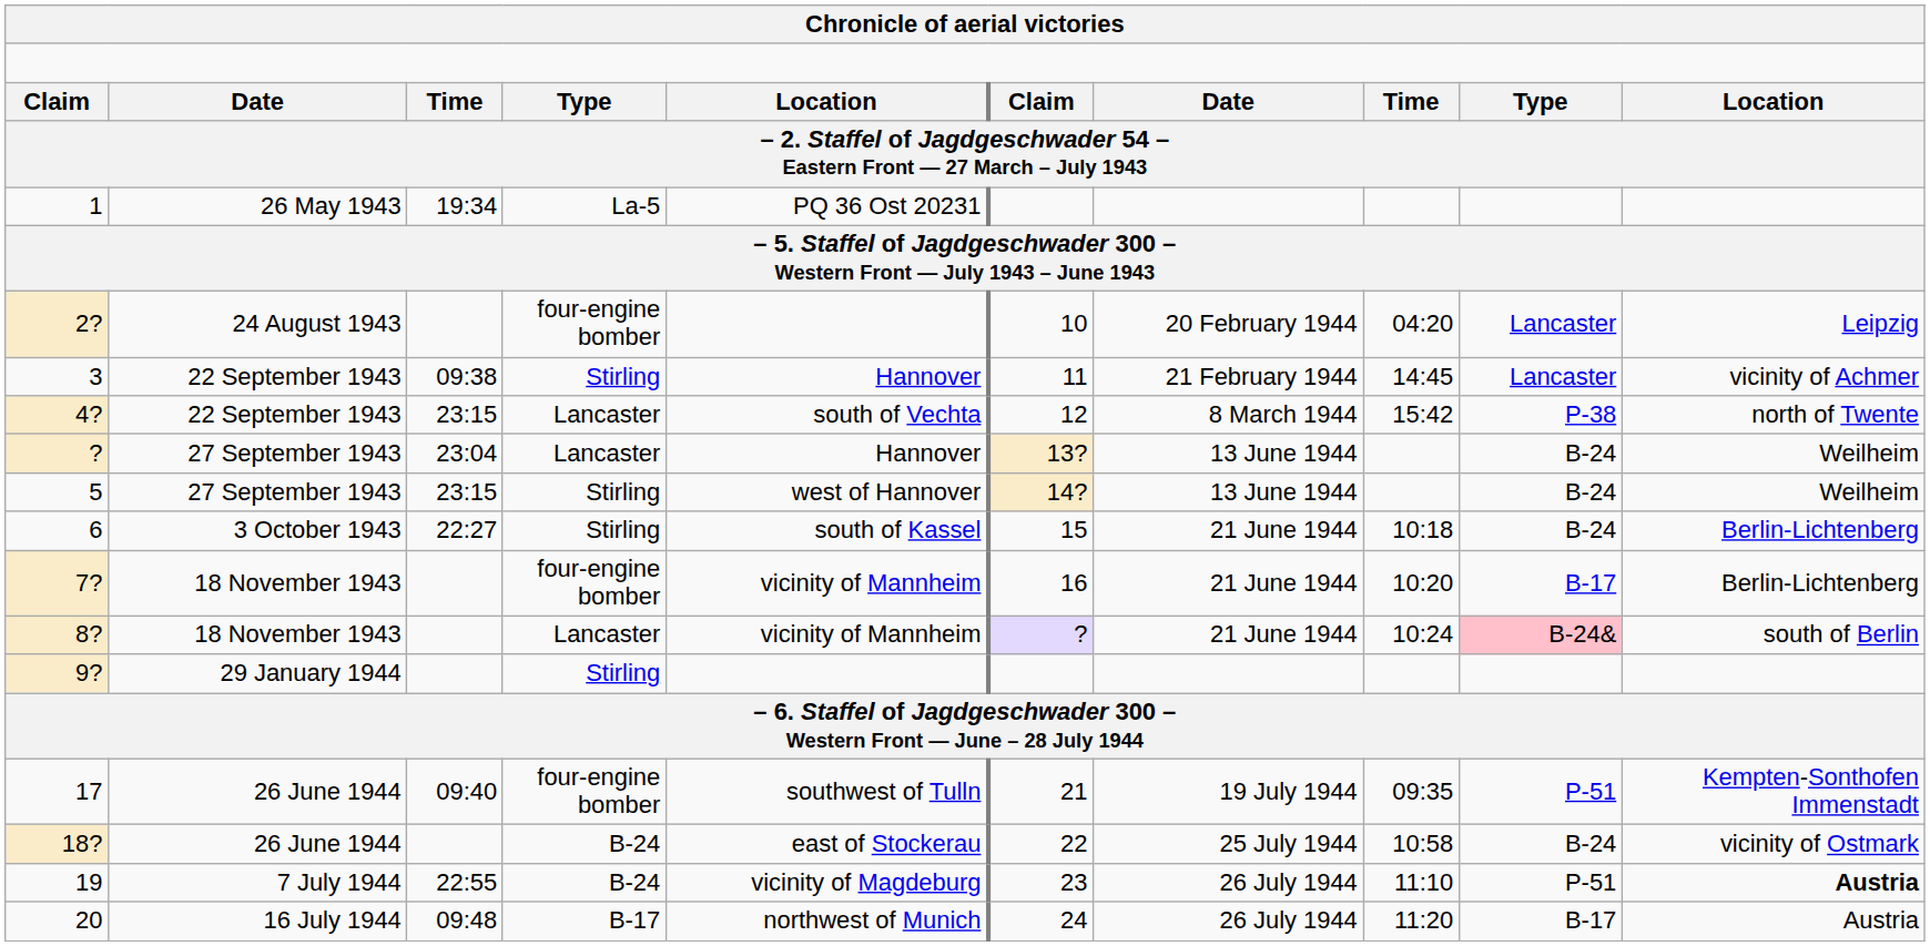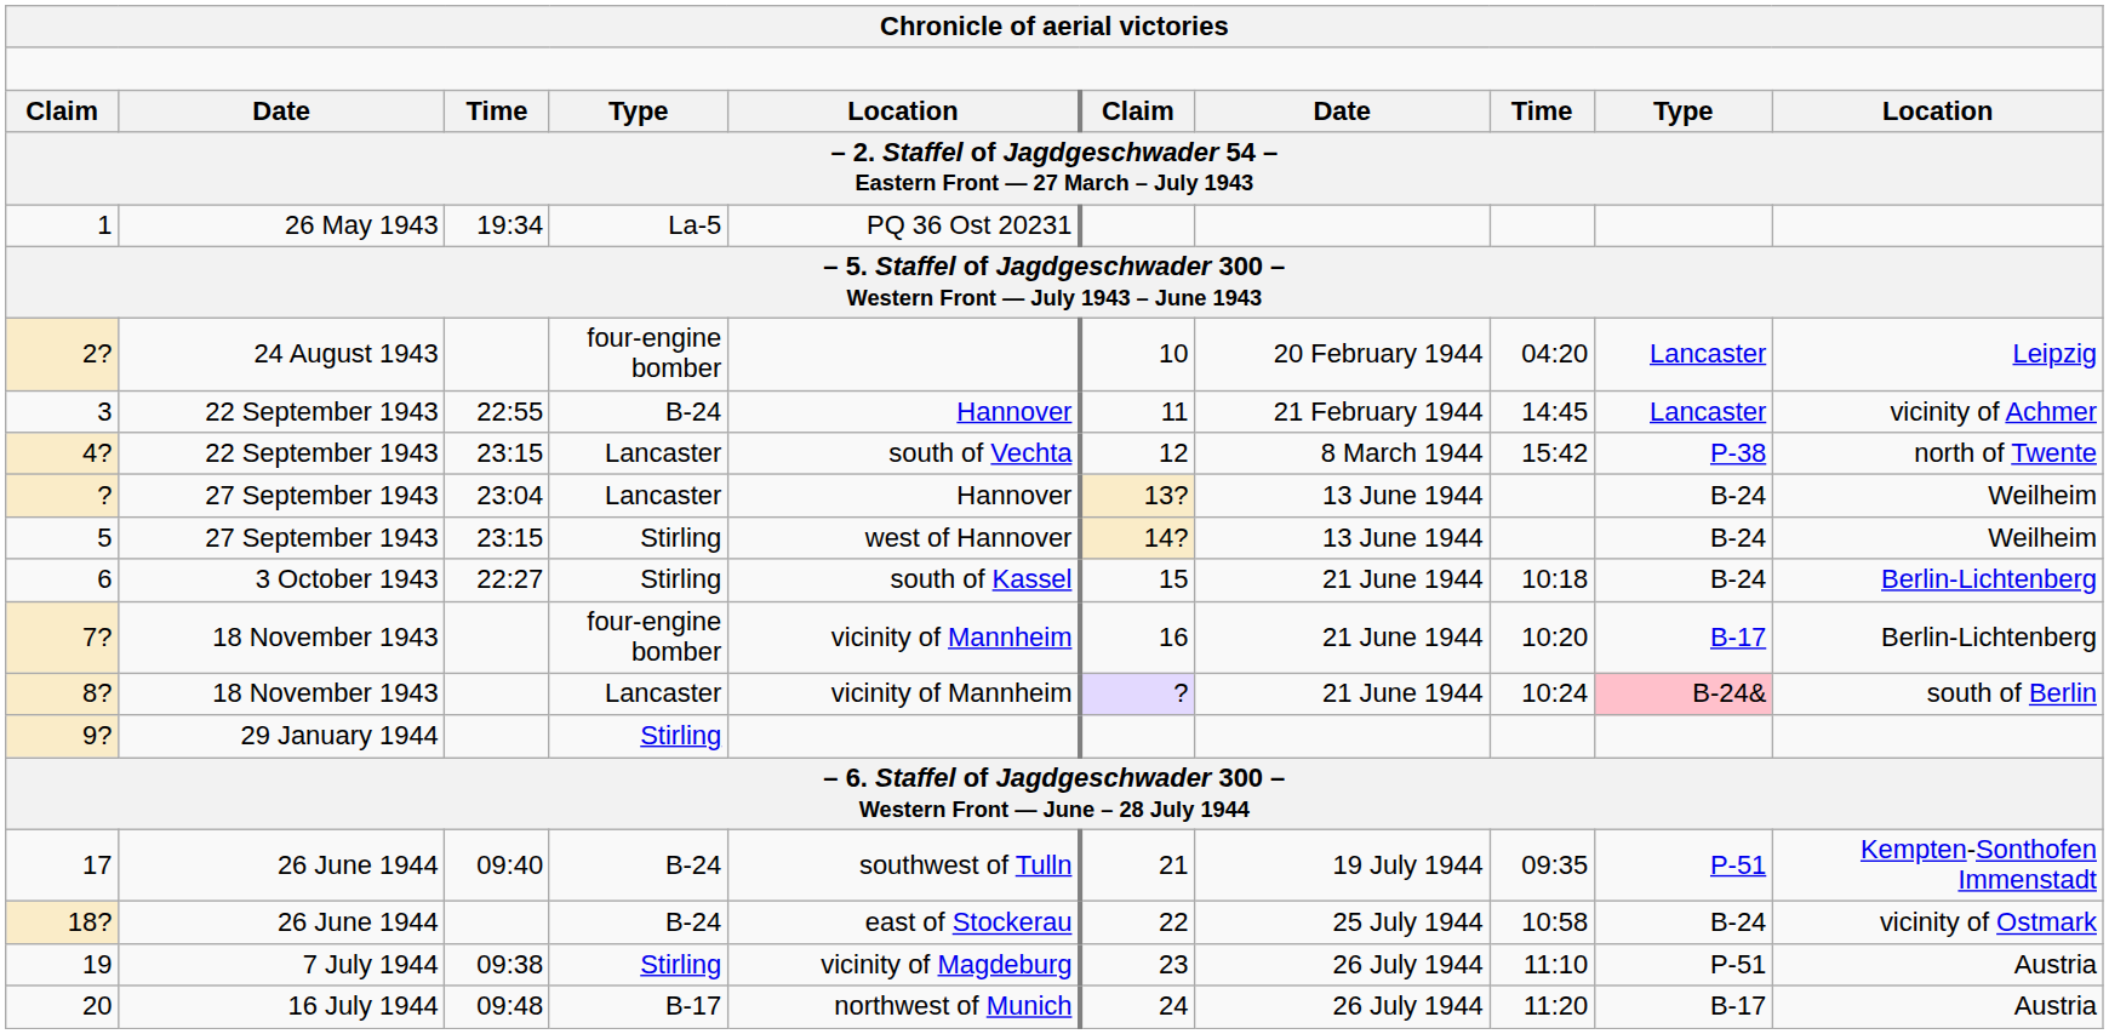 <table class="wikitable plainrowheaders collapsible" style="margin-left: auto; margin-right: auto; border: none; text-align:right; width: 100%;">
 <tr>
 <th colspan="10">Chronicle of aerial victories</th>
 </tr>
 <tr>
 <td colspan="10" style="text-align: left;"><br>  </td>
 </tr>
 <tr>
 <th scope="col">Claim</th>
 <th scope="col">Date</th>
 <th scope="col">Time</th>
 <th scope="col" width="100px">Type</th>
 <th scope="col">Location</th>
 <th scope="col" style="border-left: 3px solid grey;">Claim</th>
 <th scope="col">Date</th>
 <th scope="col">Time</th>
 <th scope="col" width="100px">Type</th>
 <th scope="col">Location</th>
 </tr>
 <tr>
 <th colspan="10">– 2. <em>Staffel</em> of <em>Jagdgeschwader</em> 54 –<br><small>Eastern Front — 27 March – July 1943</small></th>
 </tr>
 <tr>
 <td>1</td>
 <td>26 May 1943</td>
 <td>19:34</td>
 <td>La-5</td>
 <td>PQ 36 Ost 20231</td>
 <td style="border-left: 3px solid grey;"></td>
 <td></td>
 <td></td>
 <td></td>
 <td></td>
 </tr>
 <tr>
 <th colspan="10">– 5. <em>Staffel</em> of <em>Jagdgeschwader</em> 300 –<br><small>Western Front — July 1943 – June 1943</small></th>
 </tr>
 <tr>
 <td style="background:#faecc8">2?</td>
 <td>24 August 1943</td>
 <td></td>
 <td>four-engine bomber</td>
 <td></td>
 <td style="border-left: 3px solid grey;">10</td>
 <td>20 February 1944</td>
 <td>04:20</td>
 <td><a href='#'>Lancaster</a></td>
 <td><a href='#'>Leipzig</a></td>
 </tr>
 <tr>
 <td>3</td>
 <td>22 September 1943</td>
-<td>09:38</td>
-<td><a href='#'>Stirling</a></td>
+<td>22:55</td>
+<td>B-24</td>
 <td><a href='#'>Hannover</a></td>
 <td style="border-left: 3px solid grey;">11</td>
 <td>21 February 1944</td>
 <td>14:45</td>
 <td><a href='#'>Lancaster</a></td>
 <td>vicinity of <a href='#'>Achmer</a></td>
 </tr>
 <tr>
 <td style="background:#faecc8">4?</td>
 <td>22 September 1943</td>
 <td>23:15</td>
 <td>Lancaster</td>
 <td>south of <a href='#'>Vechta</a></td>
 <td style="border-left: 3px solid grey;">12</td>
 <td>8 March 1944</td>
 <td>15:42</td>
 <td><a href='#'>P-38</a></td>
 <td>north of <a href='#'>Twente</a></td>
 </tr>
 <tr>
 <td style="background:#faecc8">?</td>
 <td>27 September 1943</td>
 <td>23:04</td>
 <td>Lancaster</td>
 <td>Hannover</td>
 <td style="border-left: 3px solid grey; background:#faecc8">13?</td>
 <td>13 June 1944</td>
 <td></td>
 <td>B-24</td>
 <td>Weilheim</td>
 </tr>
 <tr>
 <td>5</td>
 <td>27 September 1943</td>
 <td>23:15</td>
 <td>Stirling</td>
 <td>west of Hannover</td>
 <td style="border-left: 3px solid grey; background:#faecc8">14?</td>
 <td>13 June 1944</td>
 <td></td>
 <td>B-24</td>
 <td>Weilheim</td>
 </tr>
 <tr>
 <td>6</td>
 <td>3 October 1943</td>
 <td>22:27</td>
 <td>Stirling</td>
 <td>south of <a href='#'>Kassel</a></td>
 <td style="border-left: 3px solid grey;">15</td>
 <td>21 June 1944</td>
 <td>10:18</td>
 <td>B-24</td>
 <td><a href='#'>Berlin-Lichtenberg</a></td>
 </tr>
 <tr>
 <td style="background:#faecc8">7?</td>
 <td>18 November 1943</td>
 <td></td>
 <td>four-engine bomber</td>
 <td>vicinity of <a href='#'>Mannheim</a></td>
 <td style="border-left: 3px solid grey;">16</td>
 <td>21 June 1944</td>
 <td>10:20</td>
 <td><a href='#'>B-17</a></td>
 <td>Berlin-Lichtenberg</td>
 </tr>
 <tr>
 <td style="background:#faecc8">8?</td>
 <td>18 November 1943</td>
 <td></td>
 <td>Lancaster</td>
 <td>vicinity of Mannheim</td>
 <td style="border-left: 3px solid grey; background:#e3d9ff;">?</td>
 <td>21 June 1944</td>
 <td>10:24</td>
 <td style="background:pink;">B-24&</td>
 <td>south of <a href='#'>Berlin</a></td>
 </tr>
 <tr>
 <td style="background:#faecc8">9?</td>
 <td>29 January 1944</td>
 <td></td>
 <td><a href='#'>Stirling</a></td>
 <td></td>
 <td style="border-left: 3px solid grey;"></td>
 <td></td>
 <td></td>
 <td></td>
 <td></td>
 </tr>
 <tr>
 <th colspan="10">– 6. <em>Staffel</em> of <em>Jagdgeschwader</em> 300 –<br><small>Western Front — June – 28 July 1944</small></th>
 </tr>
 <tr>
 <td>17</td>
 <td>26 June 1944</td>
 <td>09:40</td>
-<td>four-engine bomber</td>
+<td>B-24</td>
 <td>southwest of <a href='#'>Tulln</a></td>
 <td style="border-left: 3px solid grey;">21</td>
 <td>19 July 1944</td>
 <td>09:35</td>
 <td><a href='#'>P-51</a></td>
 <td><a href='#'>Kempten</a>-<a href='#'>Sonthofen</a><br><a href='#'>Immenstadt</a></td>
 </tr>
 <tr>
 <td style="background:#faecc8">18?</td>
 <td>26 June 1944</td>
 <td></td>
 <td>B-24</td>
 <td>east of <a href='#'>Stockerau</a></td>
 <td style="border-left: 3px solid grey;">22</td>
 <td>25 July 1944</td>
 <td>10:58</td>
 <td>B-24</td>
 <td>vicinity of <a href='#'>Ostmark</a></td>
 </tr>
 <tr>
 <td>19</td>
 <td>7 July 1944</td>
-<td>22:55</td>
-<td>B-24</td>
+<td>09:38</td>
+<td><a href='#'>Stirling</a></td>
 <td>vicinity of <a href='#'>Magdeburg</a></td>
 <td style="border-left: 3px solid grey;">23</td>
 <td>26 July 1944</td>
 <td>11:10</td>
 <td>P-51</td>
-<td><strong>Austria</strong></td>
+<td>Austria</td>
 </tr>
 <tr>
 <td>20</td>
 <td>16 July 1944</td>
 <td>09:48</td>
 <td>B-17</td>
 <td>northwest of <a href='#'>Munich</a></td>
 <td style="border-left: 3px solid grey;">24</td>
 <td>26 July 1944</td>
 <td>11:20</td>
 <td>B-17</td>
 <td>Austria</td>
 </tr>
 </table>
